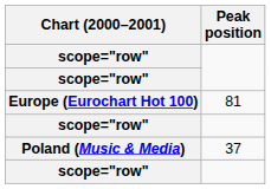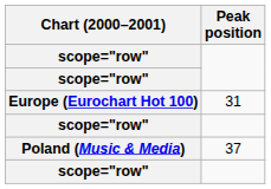 <table class="wikitable sortable plainrowheaders" style="text-align:center">
 <tr>
 <th scope="col">Chart (2000–2001)</th>
 <th scope="col">Peak<br>position</th>
 </tr>
 <tr>
 <th>scope="row"</th>
 </tr>
 <tr>
 <th>scope="row"</th>
 </tr>
 <tr>
 <th scope="row">Europe (<a href='#'>Eurochart Hot 100</a>)</th>
-<td>81</td>
+<td>31</td>
 </tr>
 <tr>
 <th>scope="row"</th>
 </tr>
 <tr>
 <th scope="row">Poland (<em><a href='#'>Music & Media</a></em>)</th>
 <td>37</td>
 </tr>
 <tr>
 <th>scope="row"</th>
 </tr>
 </table>
